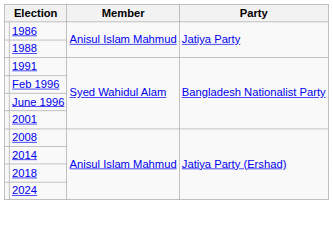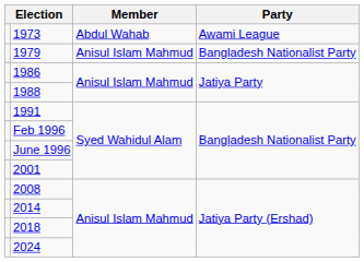 <table class="wikitable">
 <tr>
 <th colspan="2">Election</th>
 <th>Member</th>
 <th>Party</th>
+</tr>
+<tr>
+<td style="background-color:"></td>
+<td><a href='#'>1973</a></td>
+<td><a href='#'>Abdul Wahab</a></td>
+<td><a href='#'>Awami League</a></td>
+</tr>
+<tr>
+<td style="background-color:"></td>
+<td><a href='#'>1979</a></td>
+<td><a href='#'>Anisul Islam Mahmud</a></td>
+<td><a href='#'>Bangladesh Nationalist Party</a></td>
 </tr>
 <tr>
 <td style="background-color:"></td>
 <td><a href='#'>1986</a></td>
 <td rowspan="2"><a href='#'>Anisul Islam Mahmud</a></td>
 <td rowspan="2"><a href='#'>Jatiya Party</a></td>
 </tr>
 <tr>
 <td style="background-color:"></td>
 <td><a href='#'>1988</a></td>
 </tr>
 <tr>
 <td style="background-color:"></td>
 <td><a href='#'>1991</a></td>
 <td rowspan="4"><a href='#'>Syed Wahidul Alam</a></td>
 <td rowspan="4"><a href='#'>Bangladesh Nationalist Party</a></td>
 </tr>
 <tr>
 <td style="background-color:"></td>
 <td><a href='#'>Feb 1996</a></td>
 </tr>
 <tr>
 <td style="background-color:"></td>
 <td><a href='#'>June 1996</a></td>
 </tr>
 <tr>
 <td style="background-color:"></td>
 <td><a href='#'>2001</a></td>
 </tr>
 <tr>
 <td style="background-color:"></td>
 <td><a href='#'>2008</a></td>
 <td rowspan="4"><a href='#'>Anisul Islam Mahmud</a></td>
 <td rowspan="4"><a href='#'>Jatiya Party (Ershad)</a></td>
 </tr>
 <tr>
 <td style="background-color:"></td>
 <td><a href='#'>2014</a></td>
 </tr>
 <tr>
 <td style="background-color:"></td>
 <td><a href='#'>2018</a></td>
 </tr>
 <tr>
 <td style="background-color:"></td>
 <td><a href='#'>2024</a></td>
 </tr>
 </table>
